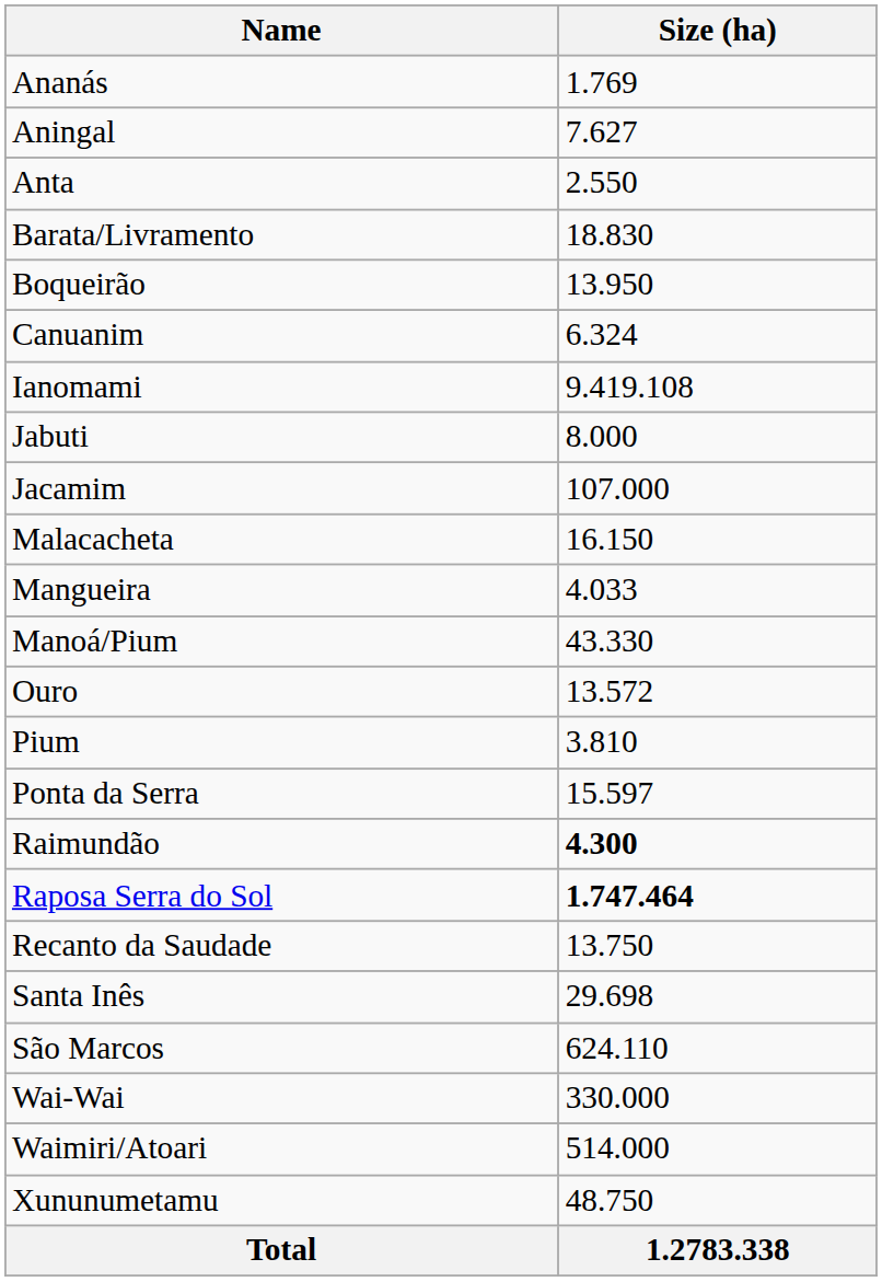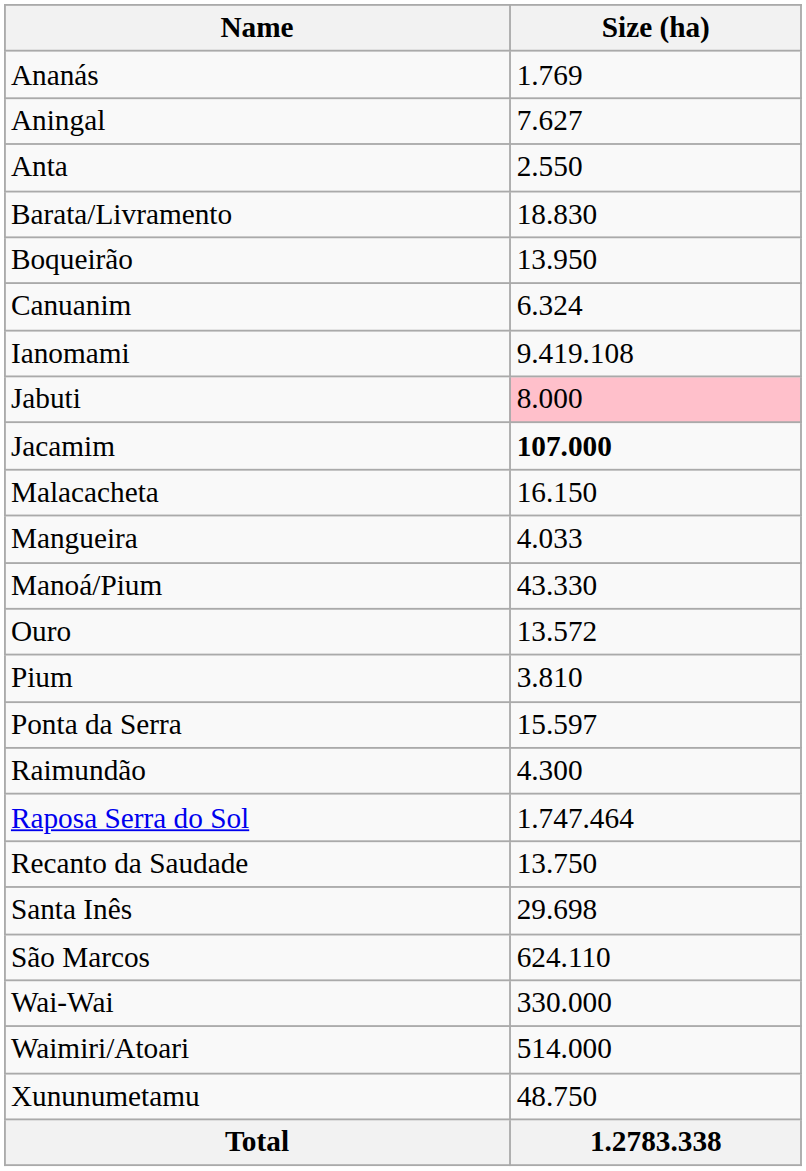 <table class=wikitable width="70%" style="margin:1em auto;">
 <tr>
 <th>Name</th>
 <th>Size (ha)</th>
 </tr>
 <tr>
 <td>Ananás</td>
 <td>1.769</td>
 </tr>
 <tr>
 <td>Aningal</td>
 <td>7.627</td>
 </tr>
 <tr>
 <td>Anta</td>
 <td>2.550</td>
 </tr>
 <tr>
 <td>Barata/Livramento</td>
 <td>18.830</td>
 </tr>
 <tr>
 <td>Boqueirão</td>
 <td>13.950</td>
 </tr>
 <tr>
 <td>Canuanim</td>
 <td>6.324</td>
 </tr>
 <tr>
 <td>Ianomami</td>
 <td>9.419.108</td>
 </tr>
 <tr>
 <td>Jabuti</td>
-<td>8.000</td>
+<td style="background: pink;">8.000</td>
 </tr>
 <tr>
 <td>Jacamim</td>
-<td>107.000</td>
+<td><strong>107.000</strong></td>
 </tr>
 <tr>
 <td>Malacacheta</td>
 <td>16.150</td>
 </tr>
 <tr>
 <td>Mangueira</td>
 <td>4.033</td>
 </tr>
 <tr>
 <td>Manoá/Pium</td>
 <td>43.330</td>
 </tr>
 <tr>
 <td>Ouro</td>
 <td>13.572</td>
 </tr>
 <tr>
 <td>Pium</td>
 <td>3.810</td>
 </tr>
 <tr>
 <td>Ponta da Serra</td>
 <td>15.597</td>
 </tr>
 <tr>
 <td>Raimundão</td>
-<td><strong>4.300</strong></td>
+<td>4.300</td>
 </tr>
 <tr>
 <td><a href='#'>Raposa Serra do Sol</a></td>
-<td><strong>1.747.464</strong></td>
+<td>1.747.464</td>
 </tr>
 <tr>
 <td>Recanto da Saudade</td>
 <td>13.750</td>
 </tr>
 <tr>
 <td>Santa Inês</td>
 <td>29.698</td>
 </tr>
 <tr>
 <td>São Marcos</td>
 <td>624.110</td>
 </tr>
 <tr>
 <td>Wai-Wai</td>
 <td>330.000</td>
 </tr>
 <tr>
 <td>Waimiri/Atoari</td>
 <td>514.000</td>
 </tr>
 <tr>
 <td>Xununumetamu</td>
 <td>48.750</td>
 </tr>
 <tr>
 <th>Total</th>
 <th>1.2783.338</th>
 </tr>
 </table>
